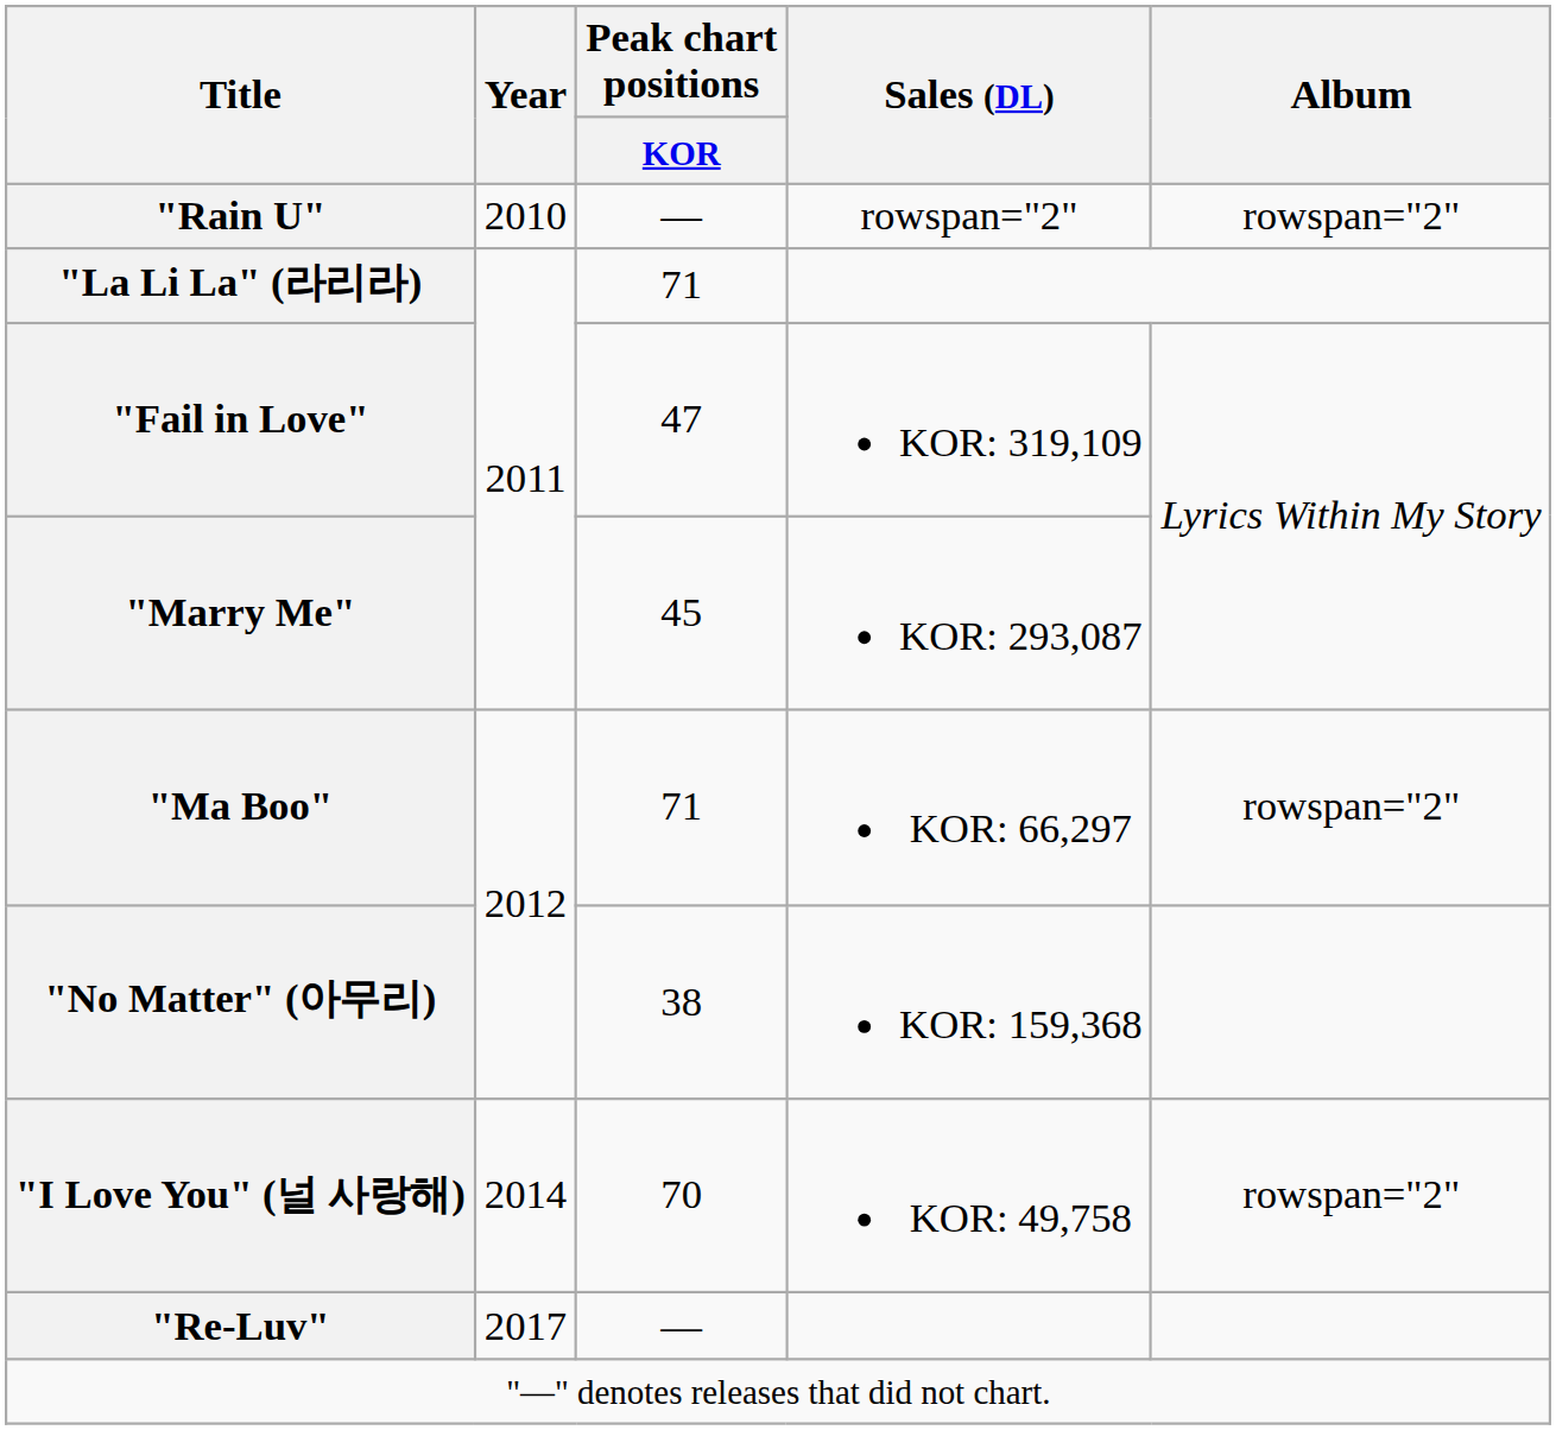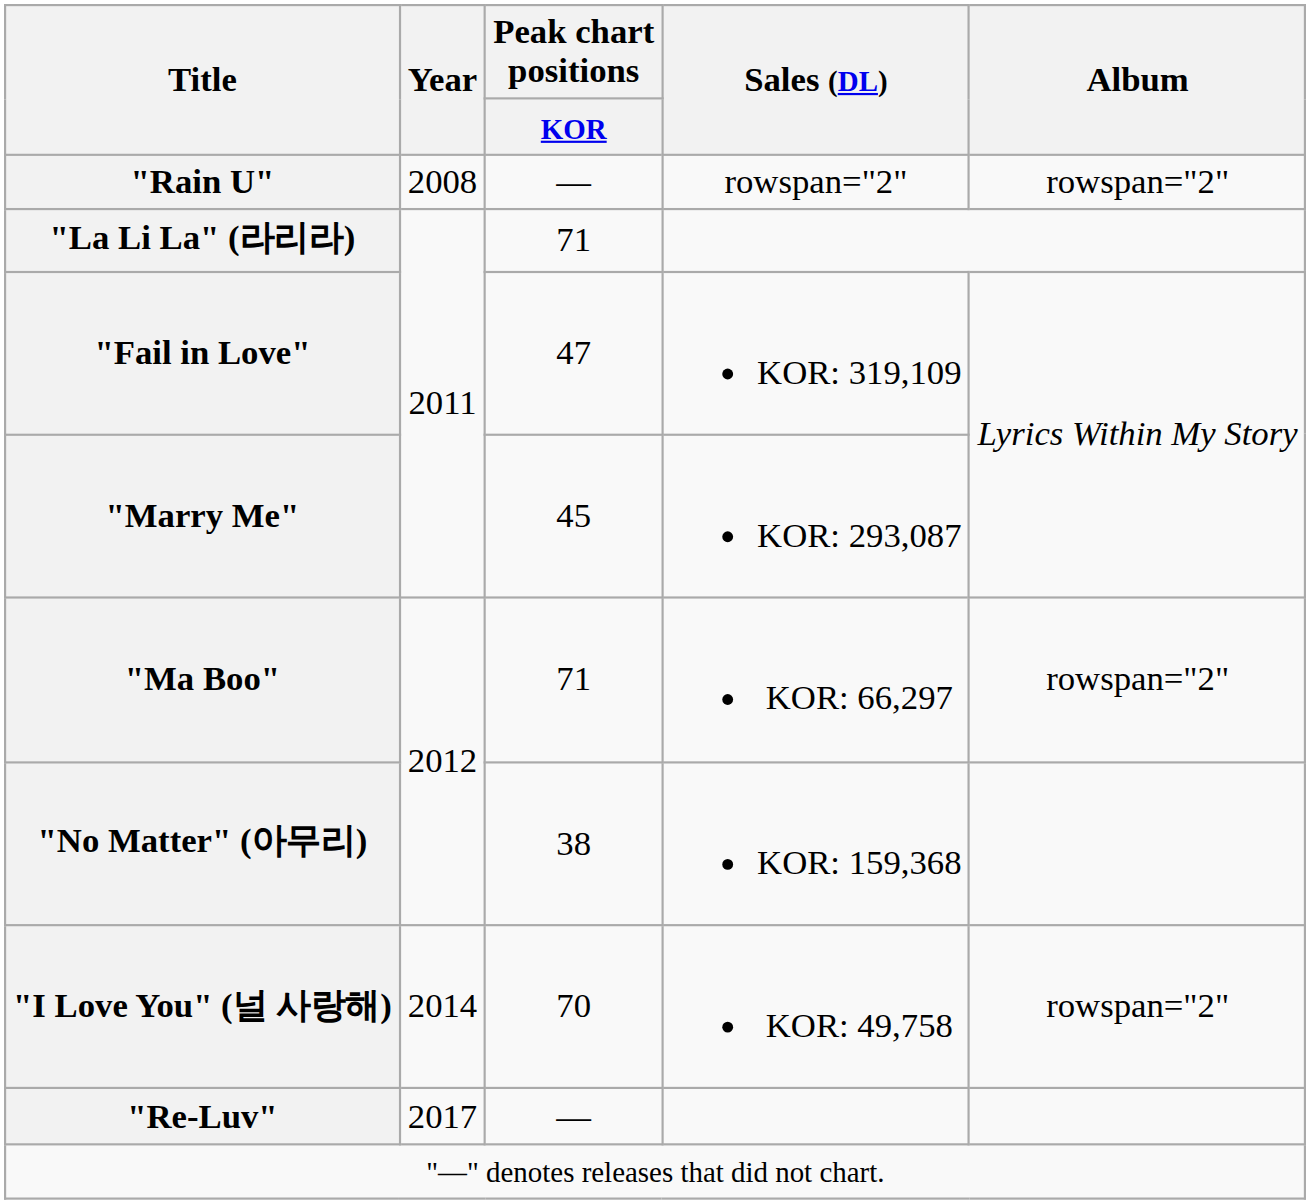 <table class="wikitable plainrowheaders" style="text-align:center;">
 <tr>
 <th scope="col" rowspan="2">Title</th>
 <th scope="col" rowspan="2">Year</th>
 <th scope="col" colspan="1">Peak chart <br> positions</th>
 <th scope="col" rowspan="2">Sales <small>(<a href='#'>DL</a>)</small></th>
 <th scope="col" rowspan="2">Album</th>
 </tr>
 <tr>
 <th><small><a href='#'>KOR</a></small><br></th>
 </tr>
 <tr>
 <th scope="row">"Rain U"<br></th>
-<td>2010</td>
+<td>2008</td>
 <td>—</td>
 <td>rowspan="2" </td>
 <td>rowspan="2" </td>
 </tr>
 <tr>
 <th scope="row">"La Li La" (라리라)<br></th>
 <td rowspan="3">2011</td>
 <td>71</td>
 </tr>
 <tr>
 <th scope="row">"Fail in Love"</th>
 <td>47</td>
 <td><br><ul><li>KOR: 319,109</li></ul></td>
 <td rowspan="2"><em>Lyrics Within My Story</em></td>
 </tr>
 <tr>
 <th scope="row">"Marry Me"</th>
 <td>45</td>
 <td><br><ul><li>KOR: 293,087</li></ul></td>
 </tr>
 <tr>
 <th scope="row">"Ma Boo"<br></th>
 <td rowspan="2">2012</td>
 <td>71</td>
 <td><br><ul><li>KOR: 66,297</li></ul></td>
 <td>rowspan="2" </td>
 </tr>
 <tr>
 <th scope="row">"No Matter" (아무리)<br></th>
 <td>38</td>
 <td><br><ul><li>KOR: 159,368</li></ul></td>
 </tr>
 <tr>
 <th scope="row">"I Love You" (널 사랑해)</th>
 <td>2014</td>
 <td>70</td>
 <td><br><ul><li>KOR: 49,758</li></ul></td>
 <td>rowspan="2" </td>
 </tr>
 <tr>
 <th scope="row">"Re-Luv"<br></th>
 <td>2017</td>
 <td>—</td>
 <td></td>
 <td></td>
 </tr>
 <tr>
 <td colspan="5" align="center"><small>"—" denotes releases that did not chart.</small></td>
 </tr>
 </table>
